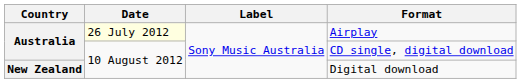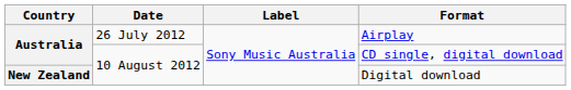 <table class="wikitable plainrowheaders">
 <tr>
 <th scope="col">Country</th>
 <th scope="col">Date</th>
 <th scope="col">Label</th>
 <th scope="col">Format</th>
 </tr>
 <tr>
 <th scope="row" rowspan="2">Australia</th>
-<td style="background: lightyellow;">26 July 2012</td>
+<td>26 July 2012</td>
 <td rowspan="3"><a href='#'>Sony Music Australia</a></td>
 <td><a href='#'>Airplay</a></td>
 </tr>
 <tr>
 <td rowspan="2">10 August 2012</td>
 <td><a href='#'>CD single</a>, <a href='#'>digital download</a></td>
 </tr>
 <tr>
 <th scope="row">New Zealand</th>
 <td>Digital download</td>
 </tr>
 </table>
